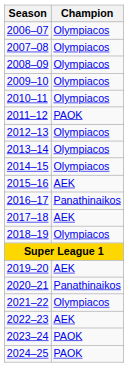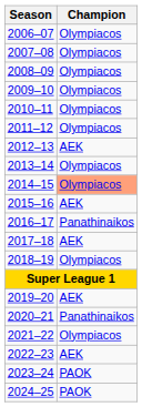 <table class="wikitable sortable" style="display:inline-table">
 <tr>
 <th>Season</th>
 <th>Champion</th>
 </tr>
 <tr>
 <td><a href='#'>2006–07</a></td>
 <td> <a href='#'>Olympiacos</a></td>
 </tr>
 <tr>
 <td><a href='#'>2007–08</a></td>
 <td> <a href='#'>Olympiacos</a></td>
 </tr>
 <tr>
 <td><a href='#'>2008–09</a></td>
 <td> <a href='#'>Olympiacos</a></td>
 </tr>
 <tr>
 <td><a href='#'>2009–10</a></td>
 <td> <a href='#'>Olympiacos</a></td>
 </tr>
 <tr>
 <td><a href='#'>2010–11</a></td>
 <td> <a href='#'>Olympiacos</a></td>
 </tr>
 <tr>
 <td><a href='#'>2011–12</a></td>
-<td> <a href='#'>PAOK</a></td>
+<td> <a href='#'>Olympiacos</a></td>
 </tr>
 <tr>
 <td><a href='#'>2012–13</a></td>
-<td> <a href='#'>Olympiacos</a></td>
+<td> <a href='#'>AEK</a></td>
 </tr>
 <tr>
 <td><a href='#'>2013–14</a></td>
 <td> <a href='#'>Olympiacos</a></td>
 </tr>
 <tr>
 <td><a href='#'>2014–15</a></td>
-<td> <a href='#'>Olympiacos</a></td>
+<td style="background: lightsalmon;"> <a href='#'>Olympiacos</a></td>
 </tr>
 <tr>
 <td><a href='#'>2015–16</a></td>
 <td> <a href='#'>AEK</a></td>
 </tr>
 <tr>
 <td><a href='#'>2016–17</a></td>
 <td> <a href='#'>Panathinaikos</a></td>
 </tr>
 <tr>
 <td><a href='#'>2017–18</a></td>
 <td> <a href='#'>AEK</a></td>
 </tr>
 <tr>
 <td><a href='#'>2018–19</a></td>
 <td> <a href='#'>Olympiacos</a></td>
 </tr>
 <tr>
 <td colspan="6" align="center"bgcolor= gold><strong>Super League 1</strong></td>
 </tr>
 <tr>
 <td><a href='#'>2019–20</a></td>
 <td> <a href='#'>AEK</a></td>
 </tr>
 <tr>
 <td><a href='#'>2020–21</a></td>
 <td> <a href='#'>Panathinaikos</a></td>
 </tr>
 <tr>
 <td><a href='#'>2021–22</a></td>
 <td> <a href='#'>Olympiacos</a></td>
 </tr>
 <tr>
 <td><a href='#'>2022–23</a></td>
 <td> <a href='#'>AEK</a></td>
 </tr>
 <tr>
 <td><a href='#'>2023–24</a></td>
 <td> <a href='#'>PAOK</a></td>
 </tr>
 <tr>
 <td><a href='#'>2024–25</a></td>
 <td> <a href='#'>PAOK</a></td>
 </tr>
 </table>
